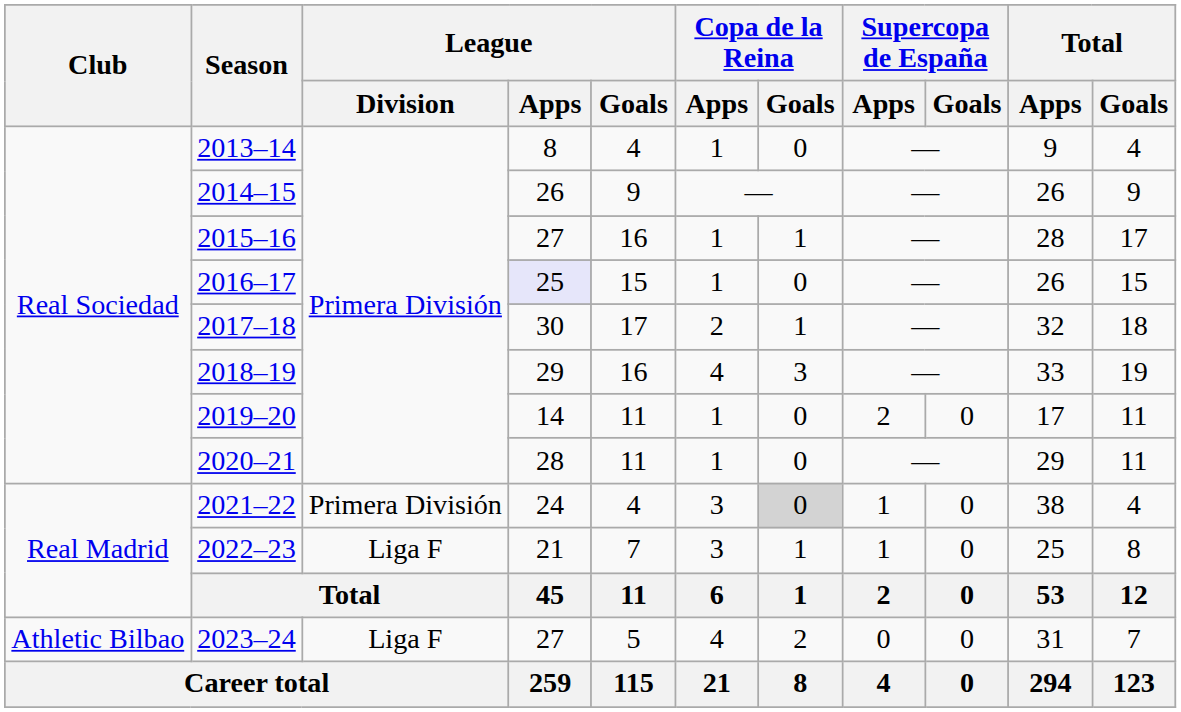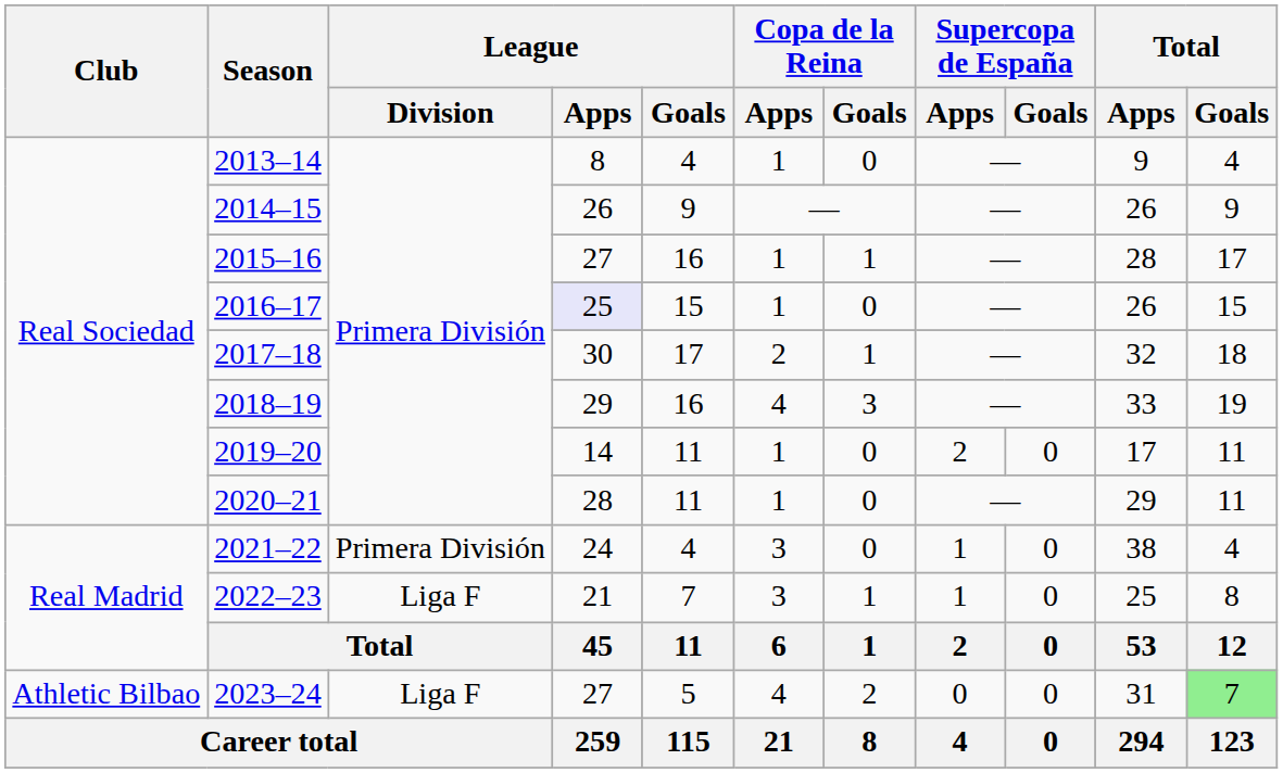 <table class="wikitable" style="text-align:center">
 <tr>
 <th rowspan="2">Club</th>
 <th rowspan="2">Season</th>
 <th colspan="3">League</th>
 <th colspan="2"><a href='#'>Copa de la Reina</a></th>
 <th colspan="2"><a href='#'>Supercopa de España</a></th>
 <th colspan="2">Total</th>
 </tr>
 <tr>
 <th>Division</th>
 <th width="40">Apps</th>
 <th width="40">Goals</th>
 <th width="40">Apps</th>
 <th width="40">Goals</th>
 <th width="40">Apps</th>
 <th width="40">Goals</th>
 <th width="40">Apps</th>
 <th width="40">Goals</th>
 </tr>
 <tr>
 <td rowspan="8"><a href='#'>Real Sociedad</a></td>
 <td><a href='#'>2013–14</a></td>
 <td rowspan="8"><a href='#'>Primera División</a></td>
 <td>8</td>
 <td>4</td>
 <td>1</td>
 <td>0</td>
 <td colspan="2">—</td>
 <td>9</td>
 <td>4</td>
 </tr>
 <tr>
 <td><a href='#'>2014–15</a></td>
 <td>26</td>
 <td>9</td>
 <td colspan="2">—</td>
 <td colspan="2">—</td>
 <td>26</td>
 <td>9</td>
 </tr>
 <tr>
 <td><a href='#'>2015–16</a></td>
 <td>27</td>
 <td>16</td>
 <td>1</td>
 <td>1</td>
 <td colspan="2">—</td>
 <td>28</td>
 <td>17</td>
 </tr>
 <tr>
 <td><a href='#'>2016–17</a></td>
 <td style="background: lavender;">25</td>
 <td>15</td>
 <td>1</td>
 <td>0</td>
 <td colspan="2">—</td>
 <td>26</td>
 <td>15</td>
 </tr>
 <tr>
 <td><a href='#'>2017–18</a></td>
 <td>30</td>
 <td>17</td>
 <td>2</td>
 <td>1</td>
 <td colspan="2">—</td>
 <td>32</td>
 <td>18</td>
 </tr>
 <tr>
 <td><a href='#'>2018–19</a></td>
 <td>29</td>
 <td>16</td>
 <td>4</td>
 <td>3</td>
 <td colspan="2">—</td>
 <td>33</td>
 <td>19</td>
 </tr>
 <tr>
 <td><a href='#'>2019–20</a></td>
 <td>14</td>
 <td>11</td>
 <td>1</td>
 <td>0</td>
 <td>2</td>
 <td>0</td>
 <td>17</td>
 <td>11</td>
 </tr>
 <tr>
 <td><a href='#'>2020–21</a></td>
 <td>28</td>
 <td>11</td>
 <td>1</td>
 <td>0</td>
 <td colspan="2">—</td>
 <td>29</td>
 <td>11</td>
 </tr>
 <tr>
 <td rowspan="3"><a href='#'>Real Madrid</a></td>
 <td><a href='#'>2021–22</a></td>
 <td>Primera División</td>
 <td>24</td>
 <td>4</td>
 <td>3</td>
-<td style="background: lightgrey;">0</td>
+<td>0</td>
 <td>1</td>
 <td>0</td>
 <td>38</td>
 <td>4</td>
 </tr>
 <tr>
 <td><a href='#'>2022–23</a></td>
 <td>Liga F</td>
 <td>21</td>
 <td>7</td>
 <td>3</td>
 <td>1</td>
 <td>1</td>
 <td>0</td>
 <td>25</td>
 <td>8</td>
 </tr>
 <tr>
 <th colspan="2">Total</th>
 <th>45</th>
 <th>11</th>
 <th>6</th>
 <th>1</th>
 <th>2</th>
 <th>0</th>
 <th>53</th>
 <th>12</th>
 </tr>
 <tr>
 <td><a href='#'>Athletic Bilbao</a></td>
 <td><a href='#'>2023–24</a></td>
 <td>Liga F</td>
 <td>27</td>
 <td>5</td>
 <td>4</td>
 <td>2</td>
 <td>0</td>
 <td>0</td>
 <td>31</td>
-<td>7</td>
+<td style="background: lightgreen;">7</td>
 </tr>
 <tr>
 <th colspan="3">Career total</th>
 <th>259</th>
 <th>115</th>
 <th>21</th>
 <th>8</th>
 <th>4</th>
 <th>0</th>
 <th>294</th>
 <th>123</th>
 </tr>
 </table>
